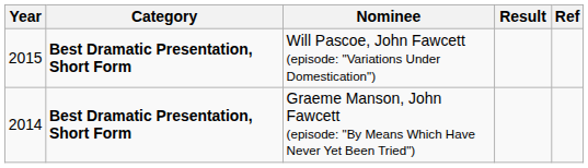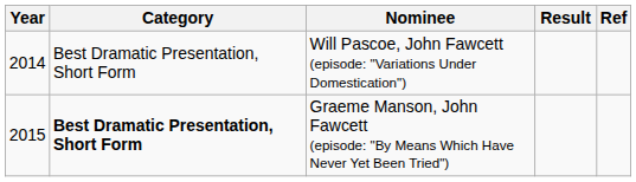 <table class="wikitable">
 <tr>
 <th width=5%>Year</th>
 <th width=45%>Category</th>
 <th width=40%>Nominee</th>
 <th width=10%>Result</th>
 <th width=3%>Ref</th>
 </tr>
 <tr>
-<td>2015</td>
-<td><strong>Best Dramatic Presentation, Short Form</strong></td>
+<td>2014</td>
+<td>Best Dramatic Presentation, Short Form</td>
 <td>Will Pascoe, John Fawcett<br><small>(episode: "Variations Under Domestication")</small></td>
 <td></td>
 <td></td>
 </tr>
 <tr>
-<td>2014</td>
+<td>2015</td>
 <td><strong>Best Dramatic Presentation, Short Form</strong></td>
 <td>Graeme Manson, John Fawcett<br><small>(episode: "By Means Which Have Never Yet Been Tried")</small></td>
 <td></td>
 <td></td>
 </tr>
 </table>
